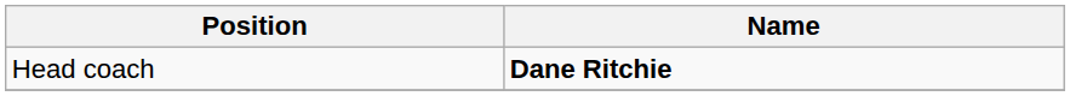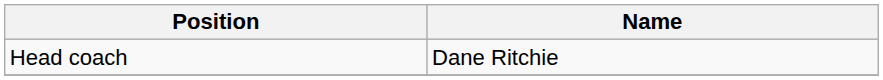 <table class="wikitable" width=40% style="text-align:left;font-size:100%;">
 <tr>
 <th>Position</th>
 <th>Name</th>
 </tr>
 <tr>
 <td>Head coach</td>
-<td><strong> Dane Ritchie</strong></td>
+<td> Dane Ritchie</td>
 </tr>
 <tr>
 </tr>
 </table>
